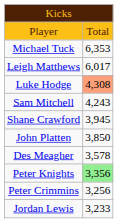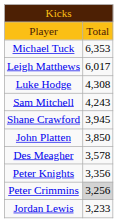 <table class="wikitable" style="text-align:center;">
 <tr>
 <td colspan="2" style="text-align:center; background: #4D2004; color: #FBBF15">Kicks</td>
 </tr>
 <tr>
 <td style="text-align:center; background: #FBBF15; color: #4D2004">Player</td>
 <td style="text-align:center; background: #FBBF15; color: #4D2004">Total</td>
 </tr>
 <tr>
 <td><a href='#'>Michael Tuck</a></td>
 <td>6,353</td>
 </tr>
 <tr>
 <td><a href='#'>Leigh Matthews</a></td>
 <td>6,017</td>
 </tr>
 <tr>
 <td><a href='#'>Luke Hodge</a></td>
-<td style="background: lightsalmon;">4,308</td>
+<td>4,308</td>
 </tr>
 <tr>
 <td><a href='#'>Sam Mitchell</a></td>
 <td>4,243</td>
 </tr>
 <tr>
 <td><a href='#'>Shane Crawford</a></td>
 <td>3,945</td>
 </tr>
 <tr>
 <td><a href='#'>John Platten</a></td>
 <td>3,850</td>
 </tr>
 <tr>
 <td><a href='#'>Des Meagher</a></td>
 <td>3,578</td>
 </tr>
 <tr>
 <td><a href='#'>Peter Knights</a></td>
-<td style="background: lightgreen;">3,356</td>
+<td>3,356</td>
 </tr>
 <tr>
 <td><a href='#'>Peter Crimmins</a></td>
-<td>3,256</td>
+<td style="background: lightgrey;">3,256</td>
 </tr>
 <tr>
 <td><a href='#'>Jordan Lewis</a></td>
 <td>3,233</td>
 </tr>
 </table>
